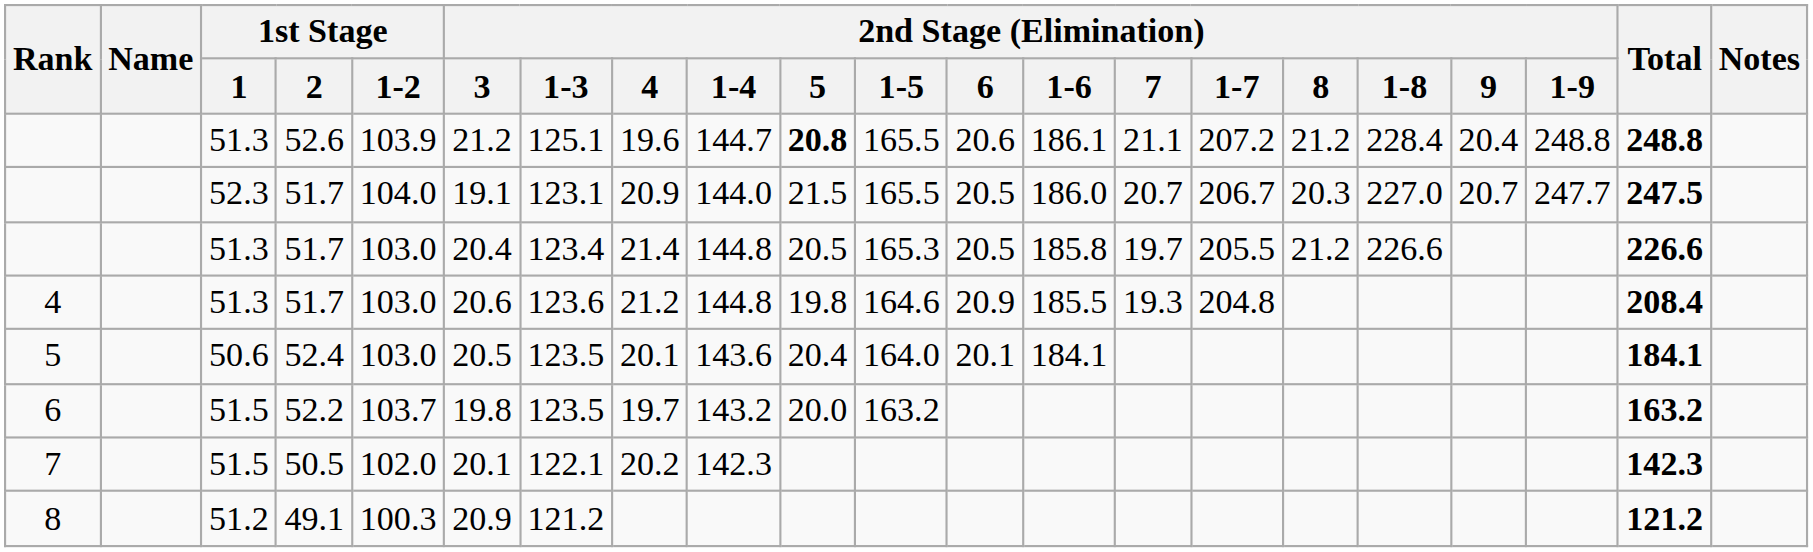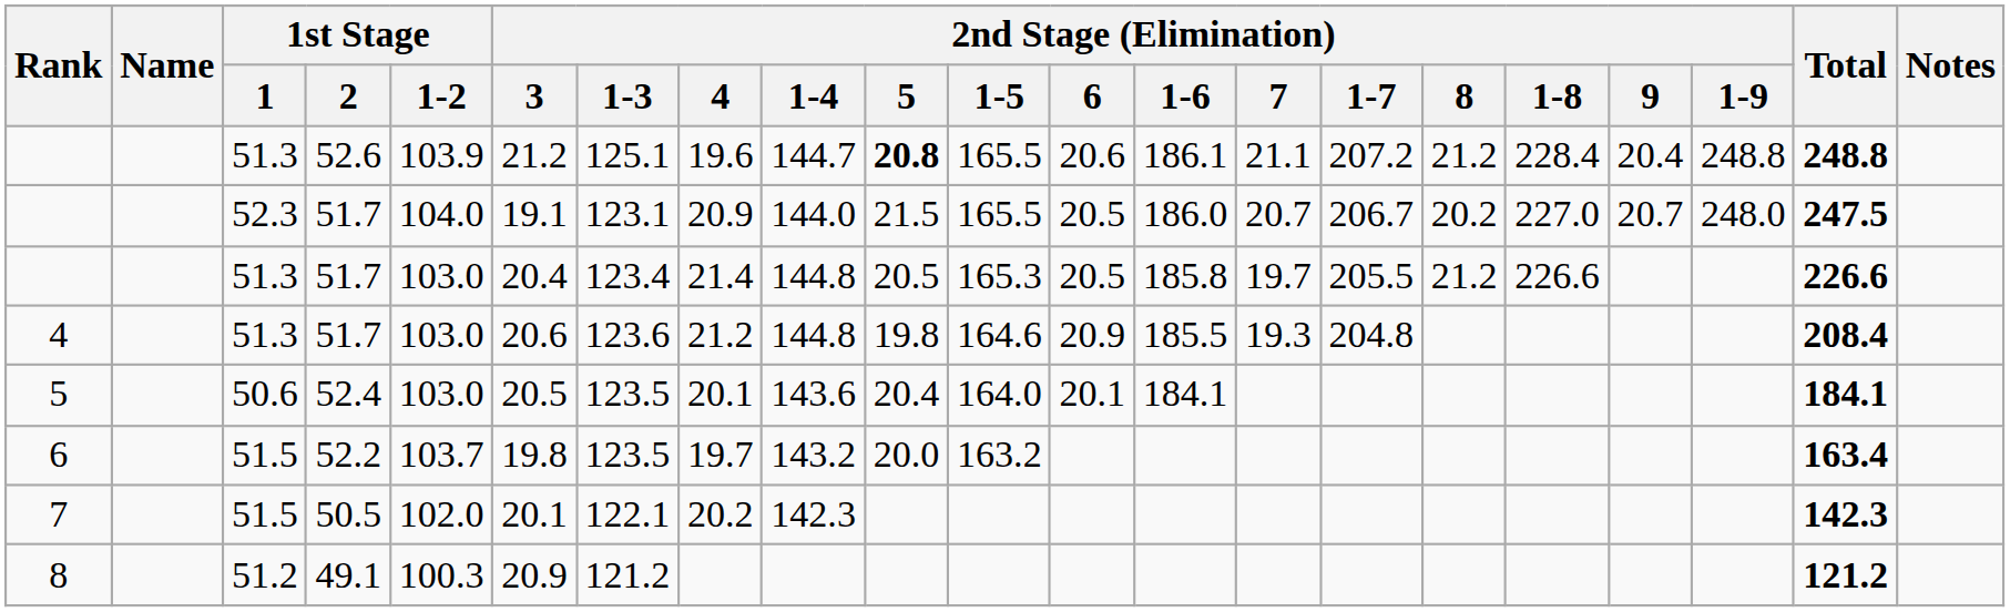 <table class="wikitable sortable" style="text-align:center;">
 <tr>
 <th rowspan=2>Rank</th>
 <th rowspan=2>Name</th>
 <th colspan=3>1st Stage</th>
 <th colspan=14>2nd Stage (Elimination)</th>
 <th rowspan=2>Total</th>
 <th rowspan=2>Notes</th>
 </tr>
 <tr>
 <th>1</th>
 <th>2</th>
 <th>1-2</th>
 <th>3</th>
 <th>1-3</th>
 <th>4</th>
 <th>1-4</th>
 <th>5</th>
 <th>1-5</th>
 <th>6</th>
 <th>1-6</th>
 <th>7</th>
 <th>1-7</th>
 <th>8</th>
 <th>1-8</th>
 <th>9</th>
 <th>1-9</th>
 </tr>
 <tr>
 <td></td>
 <td align=left></td>
 <td>51.3</td>
 <td>52.6</td>
 <td>103.9</td>
 <td>21.2</td>
 <td>125.1</td>
 <td>19.6</td>
 <td>144.7</td>
 <td><strong>20.8</strong></td>
 <td>165.5</td>
 <td>20.6</td>
 <td>186.1</td>
 <td>21.1</td>
 <td>207.2</td>
 <td>21.2</td>
 <td>228.4</td>
 <td>20.4</td>
 <td>248.8</td>
 <td><strong>248.8</strong></td>
 <td></td>
 </tr>
 <tr>
 <td></td>
 <td align=left></td>
 <td>52.3</td>
 <td>51.7</td>
 <td>104.0</td>
 <td>19.1</td>
 <td>123.1</td>
 <td>20.9</td>
 <td>144.0</td>
 <td>21.5</td>
 <td>165.5</td>
 <td>20.5</td>
 <td>186.0</td>
 <td>20.7</td>
 <td>206.7</td>
-<td>20.3</td>
+<td>20.2</td>
 <td>227.0</td>
 <td>20.7</td>
-<td>247.7</td>
+<td>248.0</td>
 <td><strong>247.5</strong></td>
 <td></td>
 </tr>
 <tr>
 <td></td>
 <td align=left></td>
 <td>51.3</td>
 <td>51.7</td>
 <td>103.0</td>
 <td>20.4</td>
 <td>123.4</td>
 <td>21.4</td>
 <td>144.8</td>
 <td>20.5</td>
 <td>165.3</td>
 <td>20.5</td>
 <td>185.8</td>
 <td>19.7</td>
 <td>205.5</td>
 <td>21.2</td>
 <td>226.6</td>
 <td></td>
 <td></td>
 <td><strong>226.6</strong></td>
 <td></td>
 </tr>
 <tr>
 <td>4</td>
 <td align=left></td>
 <td>51.3</td>
 <td>51.7</td>
 <td>103.0</td>
 <td>20.6</td>
 <td>123.6</td>
 <td>21.2</td>
 <td>144.8</td>
 <td>19.8</td>
 <td>164.6</td>
 <td>20.9</td>
 <td>185.5</td>
 <td>19.3</td>
 <td>204.8</td>
 <td></td>
 <td></td>
 <td></td>
 <td></td>
 <td><strong>208.4</strong></td>
 <td></td>
 </tr>
 <tr>
 <td>5</td>
 <td align=left></td>
 <td>50.6</td>
 <td>52.4</td>
 <td>103.0</td>
 <td>20.5</td>
 <td>123.5</td>
 <td>20.1</td>
 <td>143.6</td>
 <td>20.4</td>
 <td>164.0</td>
 <td>20.1</td>
 <td>184.1</td>
 <td></td>
 <td></td>
 <td></td>
 <td></td>
 <td></td>
 <td></td>
 <td><strong>184.1</strong></td>
 <td></td>
 </tr>
 <tr>
 <td>6</td>
 <td align=left></td>
 <td>51.5</td>
 <td>52.2</td>
 <td>103.7</td>
 <td>19.8</td>
 <td>123.5</td>
 <td>19.7</td>
 <td>143.2</td>
 <td>20.0</td>
 <td>163.2</td>
 <td></td>
 <td></td>
 <td></td>
 <td></td>
 <td></td>
 <td></td>
 <td></td>
 <td></td>
-<td><strong>163.2</strong></td>
+<td><strong>163.4</strong></td>
 <td></td>
 </tr>
 <tr>
 <td>7</td>
 <td align=left></td>
 <td>51.5</td>
 <td>50.5</td>
 <td>102.0</td>
 <td>20.1</td>
 <td>122.1</td>
 <td>20.2</td>
 <td>142.3</td>
 <td></td>
 <td></td>
 <td></td>
 <td></td>
 <td></td>
 <td></td>
 <td></td>
 <td></td>
 <td></td>
 <td></td>
 <td><strong>142.3</strong></td>
 <td></td>
 </tr>
 <tr>
 <td>8</td>
 <td align=left></td>
 <td>51.2</td>
 <td>49.1</td>
 <td>100.3</td>
 <td>20.9</td>
 <td>121.2</td>
 <td></td>
 <td></td>
 <td></td>
 <td></td>
 <td></td>
 <td></td>
 <td></td>
 <td></td>
 <td></td>
 <td></td>
 <td></td>
 <td></td>
 <td><strong>121.2</strong></td>
 <td></td>
 </tr>
 </table>
